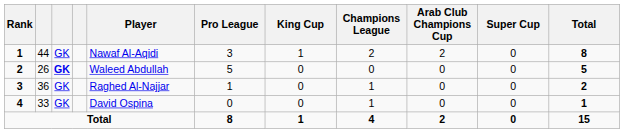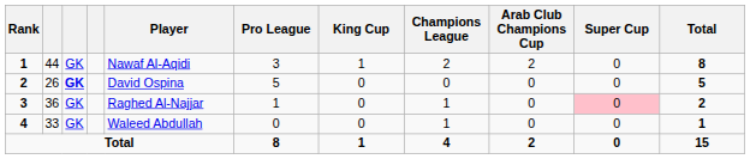 <table class="wikitable" style="text-align:center">
 <tr>
 <th width=15>Rank</th>
 <th width=15></th>
 <th width=15></th>
 <th width=15></th>
 <th width=155>Player</th>
 <th width=100>Pro League</th>
 <th width=100>King Cup</th>
 <th width=100>Champions League</th>
 <th width=100>Arab Club Champions Cup</th>
 <th width=100>Super Cup</th>
 <th width=100>Total</th>
 </tr>
 <tr>
 <td><strong>1</strong></td>
 <td>44</td>
 <td><a href='#'>GK</a></td>
 <td></td>
 <td align=left><a href='#'>Nawaf Al-Aqidi</a></td>
 <td>3</td>
 <td>1</td>
 <td>2</td>
 <td>2</td>
 <td>0</td>
 <td><strong>8</strong></td>
 </tr>
 <tr>
 <td><strong>2</strong></td>
 <td>26</td>
 <td><strong><a href='#'>GK</a></strong></td>
 <td></td>
-<td align=left><a href='#'>Waleed Abdullah</a></td>
+<td align=left><a href='#'>David Ospina</a></td>
 <td>5</td>
 <td>0</td>
 <td>0</td>
 <td>0</td>
 <td>0</td>
 <td><strong>5</strong></td>
 </tr>
 <tr>
 <td><strong>3</strong></td>
 <td>36</td>
 <td><a href='#'>GK</a></td>
 <td></td>
 <td align=left><a href='#'>Raghed Al-Najjar</a></td>
 <td>1</td>
 <td>0</td>
 <td>1</td>
 <td>0</td>
-<td>0</td>
+<td style="background: pink;">0</td>
 <td><strong>2</strong></td>
 </tr>
 <tr>
 <td><strong>4</strong></td>
 <td>33</td>
 <td><a href='#'>GK</a></td>
 <td></td>
-<td align=left><a href='#'>David Ospina</a></td>
+<td align=left><a href='#'>Waleed Abdullah</a></td>
 <td>0</td>
 <td>0</td>
 <td>1</td>
 <td>0</td>
 <td>0</td>
 <td><strong>1</strong></td>
 </tr>
 <tr>
 <td colspan=5><strong>Total</strong></td>
 <td><strong>8</strong></td>
 <td><strong>1</strong></td>
 <td><strong>4</strong></td>
 <td><strong>2</strong></td>
 <td><strong>0</strong></td>
 <td><strong>15</strong></td>
 </tr>
 </table>
